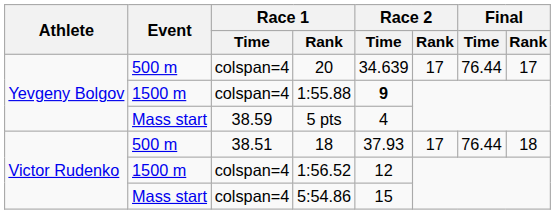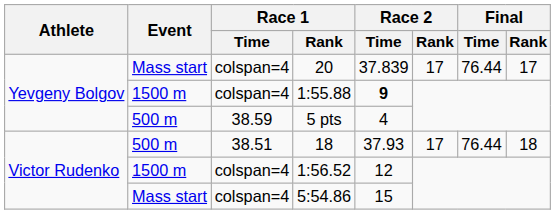 <table class="wikitable" style="font-size:90%">
 <tr>
 <th rowspan=2>Athlete</th>
 <th rowspan=2>Event</th>
 <th colspan=2>Race 1</th>
 <th colspan=2>Race 2</th>
 <th colspan=2>Final</th>
 </tr>
 <tr style="font-size:95%">
 <th>Time</th>
 <th>Rank</th>
 <th>Time</th>
 <th>Rank</th>
 <th>Time</th>
 <th>Rank</th>
 </tr>
 <tr align=center>
 <td align=left rowspan=3><a href='#'>Yevgeny Bolgov</a></td>
-<td align=left><a href='#'>500 m</a></td>
+<td align=left><a href='#'>Mass start</a></td>
 <td>colspan=4 </td>
 <td>20</td>
-<td>34.639</td>
+<td>37.839</td>
 <td>17</td>
 <td>76.44</td>
 <td>17</td>
 </tr>
 <tr align=center>
 <td align=left><a href='#'>1500 m</a></td>
 <td>colspan=4 </td>
 <td>1:55.88</td>
 <td><strong>9</strong></td>
 </tr>
 <tr align=center>
-<td align=left><a href='#'>Mass start</a></td>
+<td align=left><a href='#'>500 m</a></td>
 <td>38.59</td>
 <td>5 pts</td>
 <td>4</td>
 </tr>
 <tr align=center>
 <td align=left rowspan=3><a href='#'>Victor Rudenko</a></td>
 <td align=left><a href='#'>500 m</a></td>
 <td>38.51</td>
 <td>18</td>
 <td>37.93</td>
 <td>17</td>
 <td>76.44</td>
 <td>18</td>
 </tr>
 <tr align=center>
 <td align=left><a href='#'>1500 m</a></td>
 <td>colspan=4 </td>
 <td>1:56.52</td>
 <td>12</td>
 </tr>
 <tr align=center>
 <td align=left><a href='#'>Mass start</a></td>
 <td>colspan=4 </td>
 <td>5:54.86</td>
 <td>15</td>
 </tr>
 </table>
